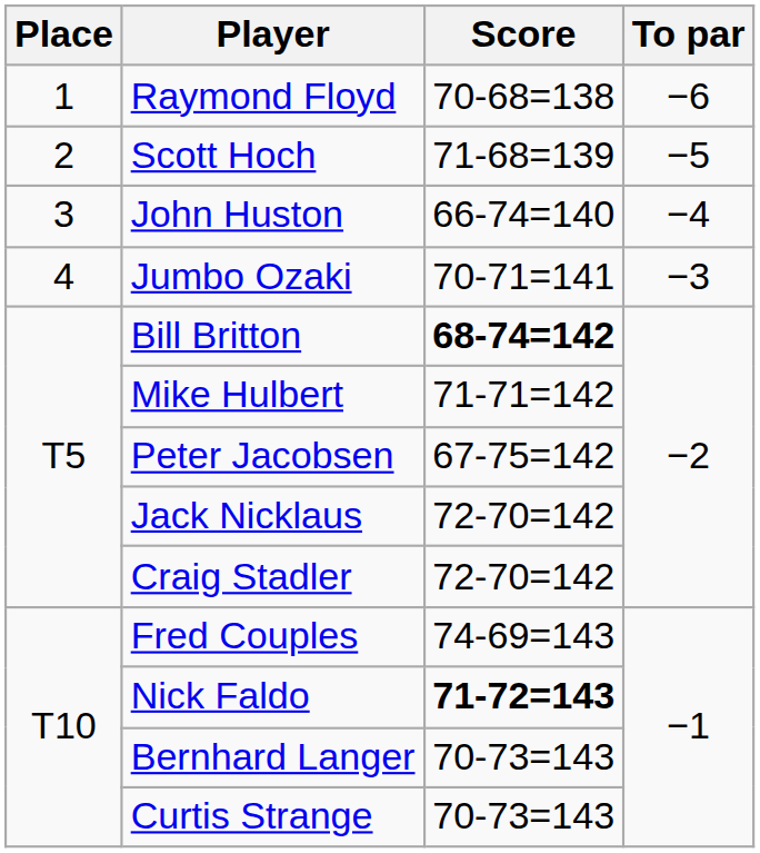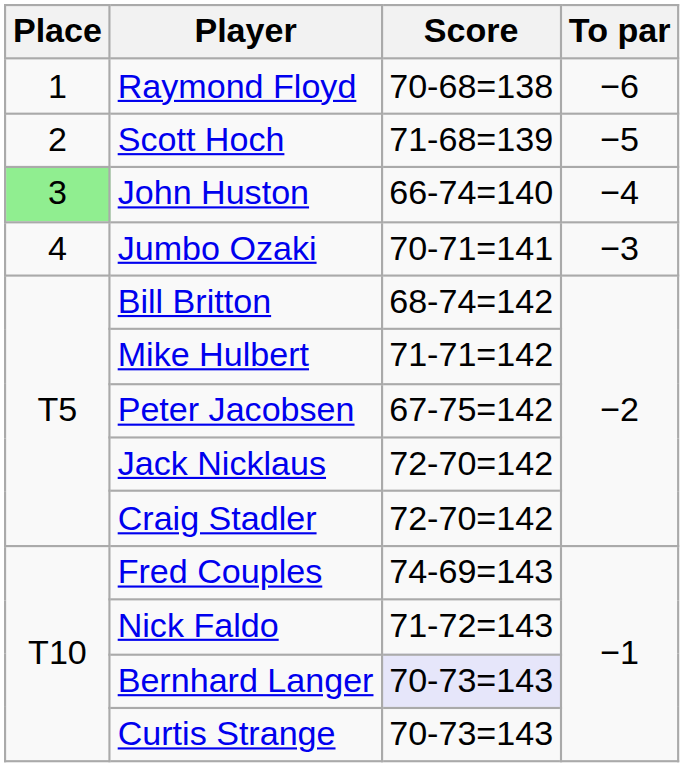 <table class="wikitable">
 <tr>
 <th>Place</th>
 <th>Player</th>
 <th>Score</th>
 <th>To par</th>
 </tr>
 <tr>
 <td align="center">1</td>
 <td> <a href='#'>Raymond Floyd</a></td>
 <td>70-68=138</td>
 <td align="center">−6</td>
 </tr>
 <tr>
 <td align="center">2</td>
 <td> <a href='#'>Scott Hoch</a></td>
 <td>71-68=139</td>
 <td align="center">−5</td>
 </tr>
 <tr>
-<td align="center">3</td>
+<td align="center" style="background: lightgreen;">3</td>
 <td> <a href='#'>John Huston</a></td>
 <td>66-74=140</td>
 <td align="center">−4</td>
 </tr>
 <tr>
 <td align="center">4</td>
 <td> <a href='#'>Jumbo Ozaki</a></td>
 <td>70-71=141</td>
 <td align="center">−3</td>
 </tr>
 <tr>
 <td rowspan=5 align="center">T5</td>
 <td> <a href='#'>Bill Britton</a></td>
-<td><strong>68-74=142</strong></td>
+<td>68-74=142</td>
 <td rowspan=5 align="center">−2</td>
 </tr>
 <tr>
 <td> <a href='#'>Mike Hulbert</a></td>
 <td>71-71=142</td>
 </tr>
 <tr>
 <td> <a href='#'>Peter Jacobsen</a></td>
 <td>67-75=142</td>
 </tr>
 <tr>
 <td> <a href='#'>Jack Nicklaus</a></td>
 <td>72-70=142</td>
 </tr>
 <tr>
 <td> <a href='#'>Craig Stadler</a></td>
 <td>72-70=142</td>
 </tr>
 <tr>
 <td rowspan=4 align="center">T10</td>
 <td> <a href='#'>Fred Couples</a></td>
 <td>74-69=143</td>
 <td rowspan=4 align="center">−1</td>
 </tr>
 <tr>
 <td> <a href='#'>Nick Faldo</a></td>
-<td><strong>71-72=143</strong></td>
+<td>71-72=143</td>
 </tr>
 <tr>
 <td> <a href='#'>Bernhard Langer</a></td>
-<td>70-73=143</td>
+<td style="background: lavender;">70-73=143</td>
 </tr>
 <tr>
 <td> <a href='#'>Curtis Strange</a></td>
 <td>70-73=143</td>
 </tr>
 </table>
